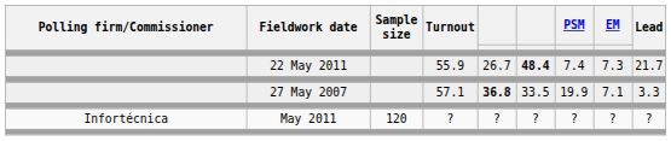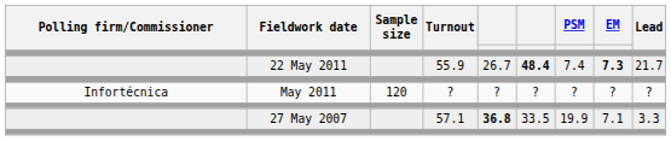 <table class="wikitable collapsible collapsed" style="text-align:center; font-size:95%; line-height:16px;">
 <tr style="height:42px;">
 <th style="width:250px;" rowspan="2">Polling firm/Commissioner</th>
 <th style="width:125px;" rowspan="2">Fieldwork date</th>
 <th style="width:50px;" rowspan="2">Sample size</th>
 <th style="width:45px;" rowspan="2">Turnout</th>
 <th style="width:35px;"></th>
 <th style="width:35px;"></th>
 <th style="width:35px;"><a href='#'>PSM</a></th>
 <th style="width:35px;"><a href='#'>EM</a></th>
 <th style="width:30px;" rowspan="2">Lead</th>
 </tr>
 <tr>
 <th style="color:inherit;background:"></th>
 <th style="color:inherit;background:"></th>
 <th style="color:inherit;background:"></th>
 <th style="color:inherit;background:"></th>
 </tr>
 <tr>
 <td colspan="9" style="background:#A0A0A0"></td>
 </tr>
 <tr style="background:#EFEFEF;">
 <td><strong></strong></td>
 <td>22 May 2011</td>
 <td></td>
 <td>55.9</td>
 <td>26.7<br></td>
 <td><strong>48.4</strong><br></td>
 <td>7.4<br></td>
-<td>7.3<br></td>
+<td><strong>7.3<br></strong></td>
 <td style="background:">21.7</td>
+</tr>
+<tr>
+<td colspan="9" style="background:#A0A0A0"></td>
+</tr>
+<tr>
+<td>Infortécnica</td>
+<td>May 2011</td>
+<td>120</td>
+<td>?</td>
+<td>?<br></td>
+<td>?<br></td>
+<td>?<br></td>
+<td>?<br></td>
+<td style="background:">?</td>
 </tr>
 <tr>
 <td colspan="9" style="background:#A0A0A0"></td>
 </tr>
 <tr style="background:#EFEFEF;">
 <td><strong></strong></td>
 <td>27 May 2007</td>
 <td></td>
 <td>57.1</td>
 <td><strong>36.8</strong><br></td>
 <td>33.5<br></td>
 <td>19.9<br></td>
 <td>7.1<br></td>
 <td style="background:">3.3</td>
 </tr>
 <tr>
 <td colspan="9" style="background:#A0A0A0"></td>
 </tr>
-<tr>
-<td>Infortécnica</td>
-<td>May 2011</td>
-<td>120</td>
-<td>?</td>
-<td>?<br></td>
-<td>?<br></td>
-<td>?<br></td>
-<td>?<br></td>
-<td style="background:">?</td>
-</tr>
-<tr>
-<td colspan="9" style="background:#A0A0A0"></td>
-</tr>
 </table>
